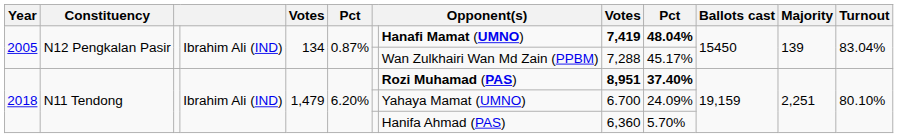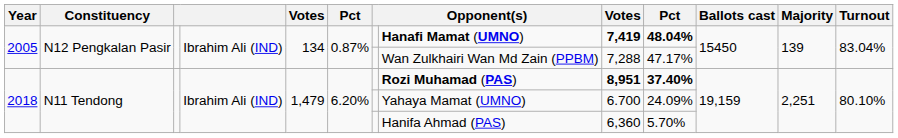 <table class="wikitable" style="margin:0.5em ; font-size:95%">
 <tr>
 <th>Year</th>
 <th>Constituency</th>
 <th colspan=2></th>
 <th>Votes</th>
 <th>Pct</th>
 <th colspan=2>Opponent(s)</th>
 <th>Votes</th>
 <th>Pct</th>
 <th>Ballots cast</th>
 <th>Majority</th>
 <th>Turnout</th>
 </tr>
 <tr>
 <td rowspan=2><a href='#'>2005</a></td>
 <td rowspan=2>N12 Pengkalan Pasir</td>
 <td rowspan=2 ></td>
 <td rowspan=2>Ibrahim Ali (<a href='#'>IND</a>)</td>
 <td rowspan=2 align="right">134</td>
 <td rowspan=2>0.87%</td>
 <td></td>
 <td><strong>Hanafi Mamat</strong> (<a href='#'><strong>UMNO</strong></a>)</td>
 <td align="right"><strong>7,419</strong></td>
 <td><strong>48.04%</strong></td>
 <td rowspan=2>15450</td>
 <td rowspan=2>139</td>
 <td rowspan=2>83.04%</td>
 </tr>
 <tr>
 <td></td>
 <td>Wan Zulkhairi Wan Md Zain (<a href='#'>PPBM</a>)</td>
 <td align="right">7,288</td>
-<td>45.17%</td>
+<td>47.17%</td>
 </tr>
 <tr>
 <td rowspan=3><a href='#'>2018</a></td>
 <td rowspan=3>N11 Tendong</td>
 <td rowspan=3 ></td>
 <td rowspan=3>Ibrahim Ali (<a href='#'>IND</a>)</td>
 <td rowspan=3 align="right">1,479</td>
 <td rowspan=3>6.20%</td>
 <td></td>
 <td><strong>Rozi Muhamad</strong> (<a href='#'><strong>PAS</strong></a>)</td>
 <td align="right"><strong>8,951</strong></td>
 <td><strong>37.40%</strong></td>
 <td rowspan=3>19,159</td>
 <td rowspan=3>2,251</td>
 <td rowspan=3>80.10%</td>
 </tr>
 <tr>
 <td></td>
 <td>Yahaya Mamat (<a href='#'>UMNO</a>)</td>
 <td align="right">6.700</td>
 <td>24.09%</td>
 </tr>
 <tr>
 <td></td>
 <td>Hanifa Ahmad (<a href='#'>PAS</a>)</td>
 <td align="right">6,360</td>
 <td>5.70%</td>
 </tr>
 </table>
